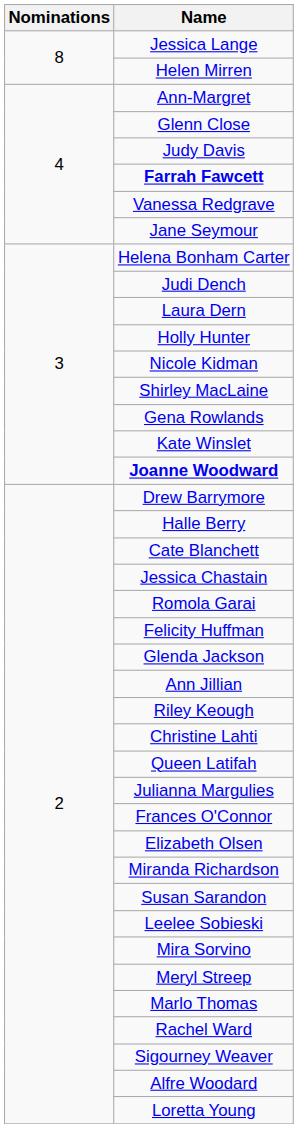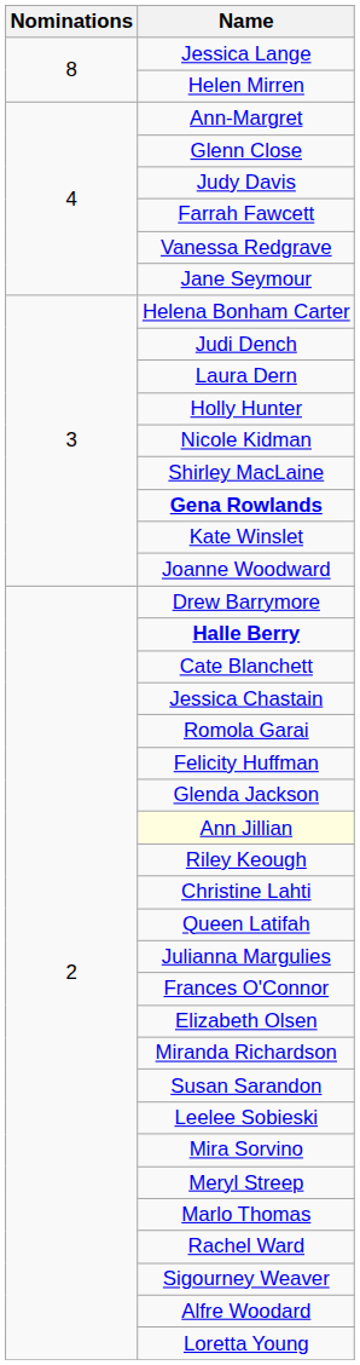 <table class="wikitable sortable" style="text-align: center;">
 <tr>
 <th scope="col" width="55">Nominations</th>
 <th scope="col" align="center">Name</th>
 </tr>
 <tr>
 <td rowspan="2">8</td>
 <td><a href='#'>Jessica Lange</a></td>
 </tr>
 <tr>
 <td><a href='#'>Helen Mirren</a></td>
 </tr>
 <tr>
 <td rowspan="6">4</td>
 <td><a href='#'>Ann-Margret</a></td>
 </tr>
 <tr>
 <td><a href='#'>Glenn Close</a></td>
 </tr>
 <tr>
 <td><a href='#'>Judy Davis</a></td>
 </tr>
 <tr>
-<td><strong><a href='#'>Farrah Fawcett</a></strong></td>
+<td><a href='#'>Farrah Fawcett</a></td>
 </tr>
 <tr>
 <td><a href='#'>Vanessa Redgrave</a></td>
 </tr>
 <tr>
 <td><a href='#'>Jane Seymour</a></td>
 </tr>
 <tr>
 <td rowspan="9">3</td>
 <td><a href='#'>Helena Bonham Carter</a></td>
 </tr>
 <tr>
 <td><a href='#'>Judi Dench</a></td>
 </tr>
 <tr>
 <td><a href='#'>Laura Dern</a></td>
 </tr>
 <tr>
 <td><a href='#'>Holly Hunter</a></td>
 </tr>
 <tr>
 <td><a href='#'>Nicole Kidman</a></td>
 </tr>
 <tr>
 <td><a href='#'>Shirley MacLaine</a></td>
 </tr>
 <tr>
-<td><a href='#'>Gena Rowlands</a></td>
+<td><strong><a href='#'>Gena Rowlands</a></strong></td>
 </tr>
 <tr>
 <td><a href='#'>Kate Winslet</a></td>
 </tr>
 <tr>
-<td><strong><a href='#'>Joanne Woodward</a></strong></td>
+<td><a href='#'>Joanne Woodward</a></td>
 </tr>
 <tr>
 <td rowspan="24">2</td>
 <td><a href='#'>Drew Barrymore</a></td>
 </tr>
 <tr>
-<td><a href='#'>Halle Berry</a></td>
+<td><strong><a href='#'>Halle Berry</a></strong></td>
 </tr>
 <tr>
 <td><a href='#'>Cate Blanchett</a></td>
 </tr>
 <tr>
 <td><a href='#'>Jessica Chastain</a></td>
 </tr>
 <tr>
 <td><a href='#'>Romola Garai</a></td>
 </tr>
 <tr>
 <td><a href='#'>Felicity Huffman</a></td>
 </tr>
 <tr>
 <td><a href='#'>Glenda Jackson</a></td>
 </tr>
 <tr>
-<td><a href='#'>Ann Jillian</a></td>
+<td style="background: lightyellow;"><a href='#'>Ann Jillian</a></td>
 </tr>
 <tr>
 <td><a href='#'>Riley Keough</a></td>
 </tr>
 <tr>
 <td><a href='#'>Christine Lahti</a></td>
 </tr>
 <tr>
 <td><a href='#'>Queen Latifah</a></td>
 </tr>
 <tr>
 <td><a href='#'>Julianna Margulies</a></td>
 </tr>
 <tr>
 <td><a href='#'>Frances O'Connor</a></td>
 </tr>
 <tr>
 <td><a href='#'>Elizabeth Olsen</a></td>
 </tr>
 <tr>
 <td><a href='#'>Miranda Richardson</a></td>
 </tr>
 <tr>
 <td><a href='#'>Susan Sarandon</a></td>
 </tr>
 <tr>
 <td><a href='#'>Leelee Sobieski</a></td>
 </tr>
 <tr>
 <td><a href='#'>Mira Sorvino</a></td>
 </tr>
 <tr>
 <td><a href='#'>Meryl Streep</a></td>
 </tr>
 <tr>
 <td><a href='#'>Marlo Thomas</a></td>
 </tr>
 <tr>
 <td><a href='#'>Rachel Ward</a></td>
 </tr>
 <tr>
 <td><a href='#'>Sigourney Weaver</a></td>
 </tr>
 <tr>
 <td><a href='#'>Alfre Woodard</a></td>
 </tr>
 <tr>
 <td><a href='#'>Loretta Young</a></td>
 </tr>
 </table>
